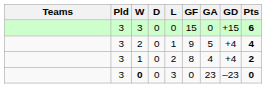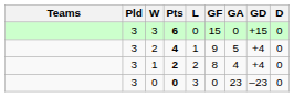 <table class="wikitable" style="text-align: center;">
 <tr>
 <th width=165>Teams</th>
 <th width=20>Pld</th>
 <th width=20>W</th>
-<th width=20>D</th>
+<th width=20>Pts</th>
 <th width=20>L</th>
 <th width=20>GF</th>
 <th width=20>GA</th>
 <th width=20>GD</th>
-<th width=20>Pts</th>
+<th width=20>D</th>
 </tr>
 <tr align=center style="background:#ccffcc;">
 <td style="text-align:left;"></td>
 <td>3</td>
 <td>3</td>
-<td>0</td>
+<td><strong>6</strong></td>
 <td>0</td>
 <td>15</td>
 <td>0</td>
 <td>+15</td>
-<td><strong>6</strong></td>
+<td>0</td>
 </tr>
 <tr align=center>
 <td style="text-align:left;"></td>
 <td>3</td>
 <td>2</td>
-<td>0</td>
+<td><strong>4</strong></td>
 <td>1</td>
 <td>9</td>
 <td>5</td>
 <td>+4</td>
-<td><strong>4</strong></td>
+<td>0</td>
 </tr>
 <tr align=center>
 <td style="text-align:left;"></td>
 <td>3</td>
 <td>1</td>
-<td>0</td>
+<td><strong>2</strong></td>
 <td>2</td>
 <td>8</td>
 <td>4</td>
 <td>+4</td>
-<td><strong>2</strong></td>
+<td>0</td>
 </tr>
 <tr align=center>
 <td style="text-align:left;"></td>
 <td>3</td>
+<td>0</td>
 <td><strong>0</strong></td>
-<td>0</td>
 <td>3</td>
 <td>0</td>
 <td>23</td>
 <td>–23</td>
-<td><strong>0</strong></td>
+<td>0</td>
 </tr>
 </table>
